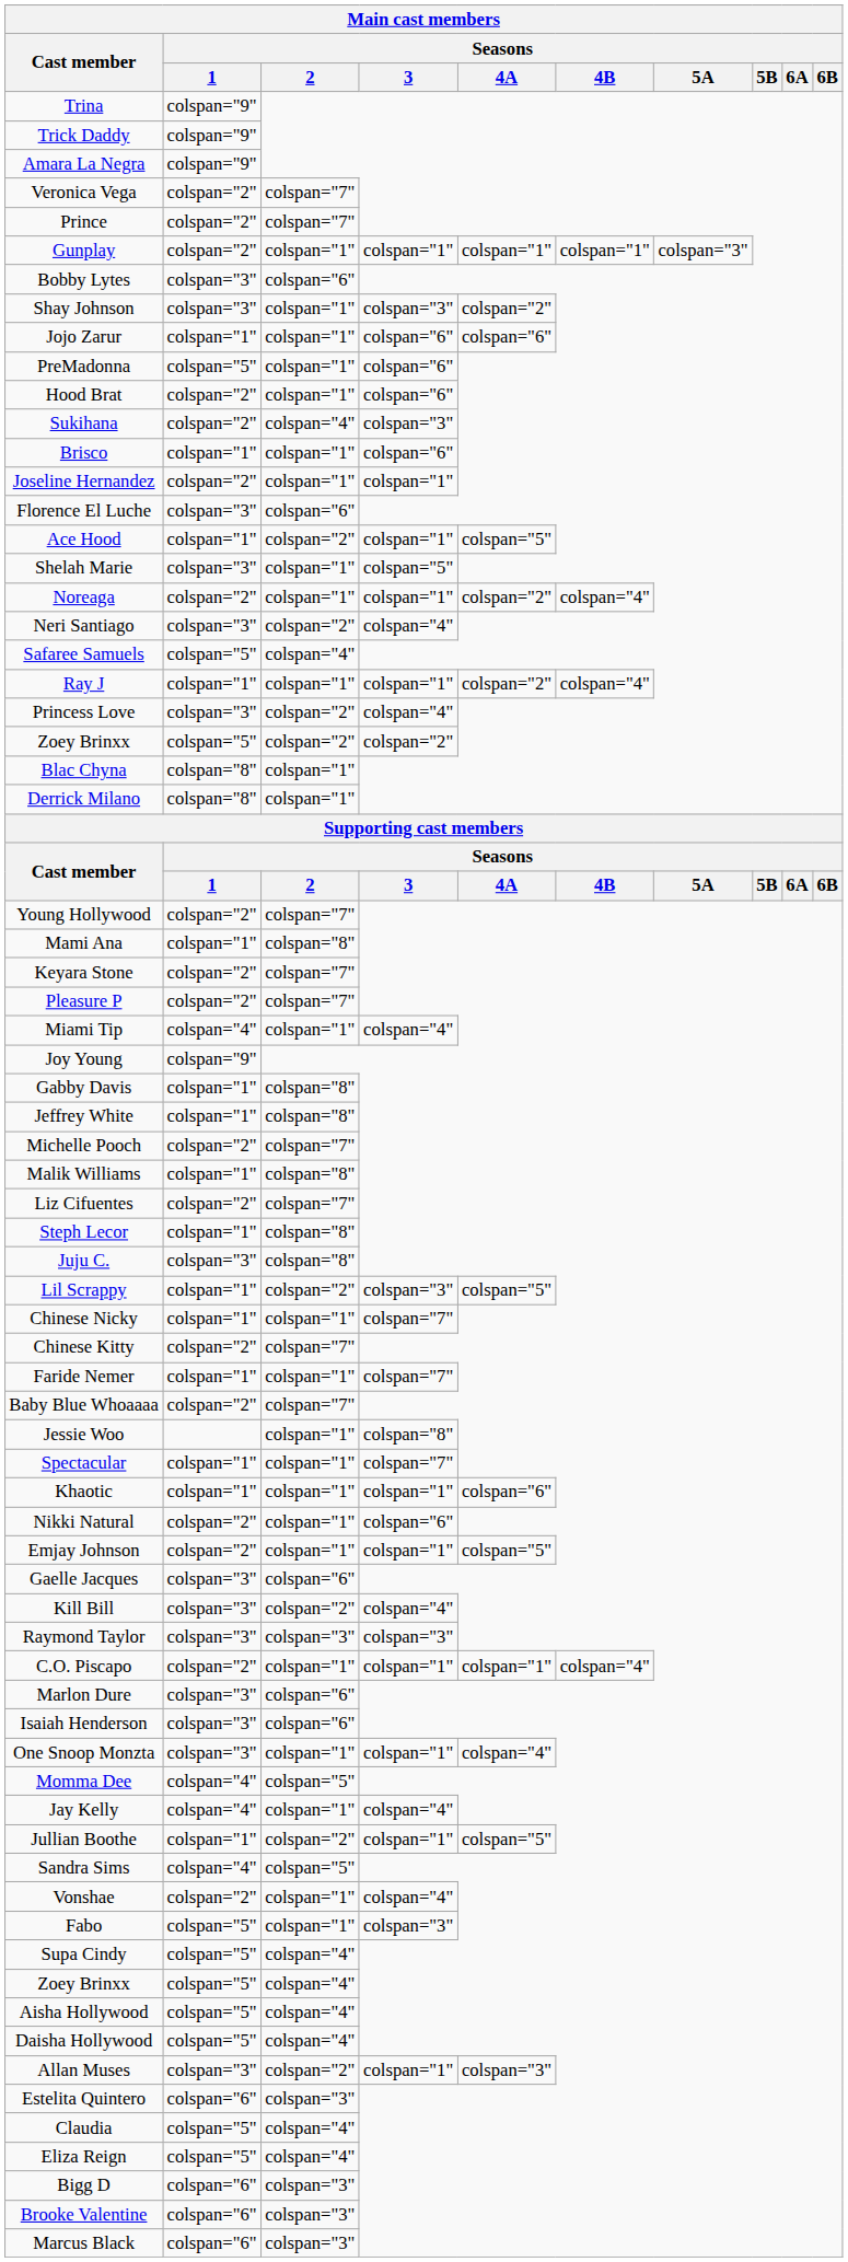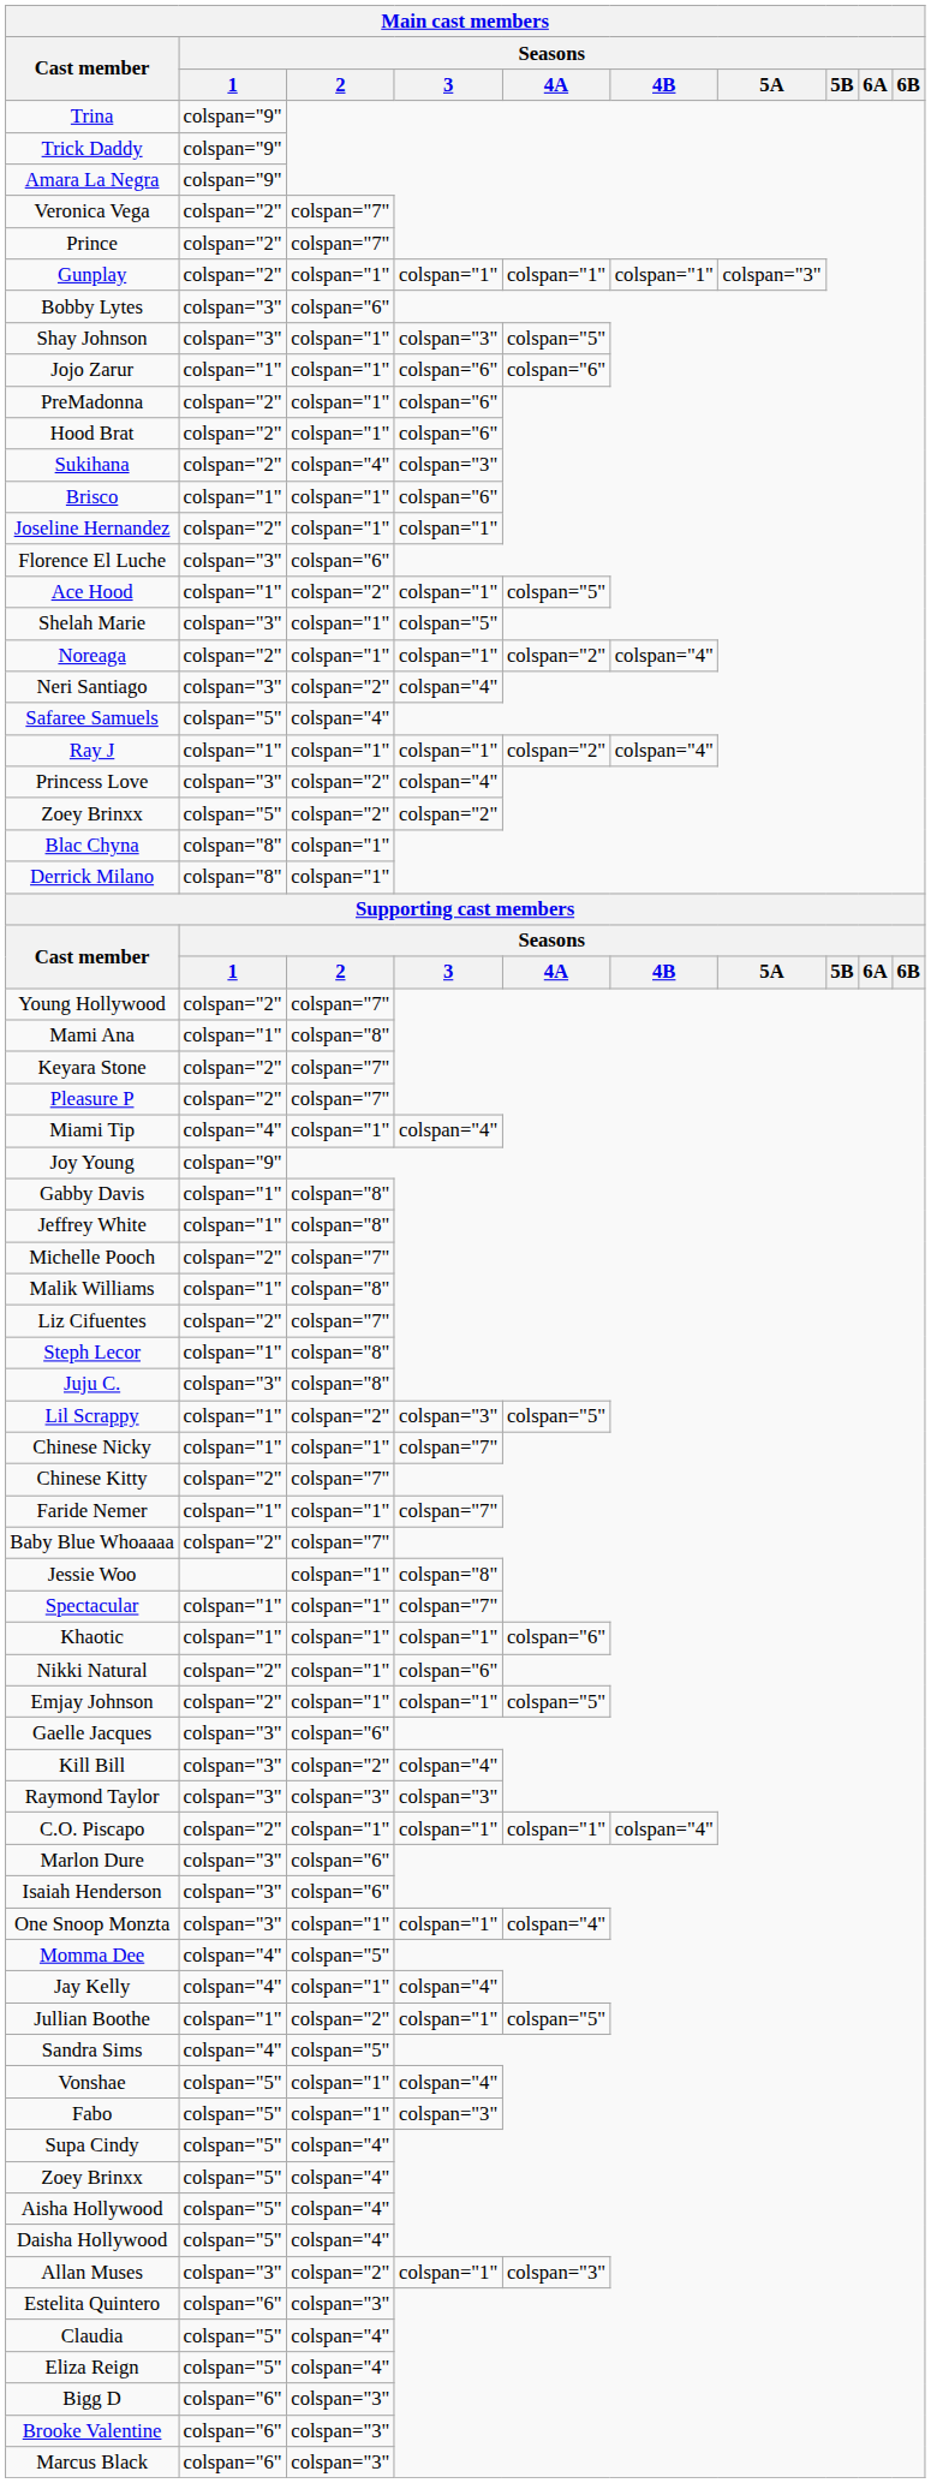 <table class="wikitable plainrowheaders" style="text-align:center;">
 <tr>
 <th colspan=10><a href='#'>Main cast members</a></th>
 </tr>
 <tr>
 <th scope="col" rowspan="2" style="text-align:center%">Cast member</th>
 <th scope="col" colspan="9">Seasons</th>
 </tr>
 <tr>
 <th scope="col"><a href='#'>1</a></th>
 <th scope="col"><a href='#'>2</a></th>
 <th scope="col"><a href='#'>3</a></th>
 <th scope="col"><a href='#'>4A</a></th>
 <th scope="col"><a href='#'>4B</a></th>
 <th scope="col">5A</th>
 <th scope="col">5B</th>
 <th scope="col">6A</th>
 <th scope="col">6B</th>
 </tr>
 <tr>
 <td scope="row"><a href='#'>Trina</a></td>
 <td>colspan="9" </td>
 </tr>
 <tr>
 <td scope="row"><a href='#'>Trick Daddy</a></td>
 <td>colspan="9" </td>
 </tr>
 <tr>
 <td scope="row"><a href='#'>Amara La Negra</a></td>
 <td>colspan="9" </td>
 </tr>
 <tr>
 <td scope="row">Veronica Vega</td>
 <td>colspan="2" </td>
 <td>colspan="7" </td>
 </tr>
 <tr>
 <td scope="row">Prince</td>
 <td>colspan="2" </td>
 <td>colspan="7" </td>
 </tr>
 <tr>
 <td scope="row"><a href='#'>Gunplay</a></td>
 <td>colspan="2" </td>
 <td>colspan="1" </td>
 <td>colspan="1" </td>
 <td>colspan="1" </td>
 <td>colspan="1" </td>
 <td>colspan="3" </td>
 </tr>
 <tr>
 <td scope="row">Bobby Lytes</td>
 <td>colspan="3" </td>
 <td>colspan="6" </td>
 </tr>
 <tr>
 <td scope="row">Shay Johnson</td>
 <td>colspan="3" </td>
 <td>colspan="1" </td>
 <td>colspan="3" </td>
-<td>colspan="2" </td>
+<td>colspan="5" </td>
 </tr>
 <tr>
 <td scope="row">Jojo Zarur</td>
 <td>colspan="1" </td>
 <td>colspan="1" </td>
 <td>colspan="6" </td>
 <td>colspan="6" </td>
 </tr>
 <tr>
 <td scope="row">PreMadonna</td>
-<td>colspan="5" </td>
+<td>colspan="2" </td>
 <td>colspan="1" </td>
 <td>colspan="6" </td>
 </tr>
 <tr>
 <td scope="row">Hood Brat</td>
 <td>colspan="2" </td>
 <td>colspan="1" </td>
 <td>colspan="6" </td>
 </tr>
 <tr>
 <td scope="row"><a href='#'>Sukihana</a></td>
 <td>colspan="2" </td>
 <td>colspan="4" </td>
 <td>colspan="3" </td>
 </tr>
 <tr>
 <td scope="row"><a href='#'>Brisco</a></td>
 <td>colspan="1" </td>
 <td>colspan="1" </td>
 <td>colspan="6" </td>
 </tr>
 <tr>
 <td scope="row"><a href='#'>Joseline Hernandez</a></td>
 <td>colspan="2" </td>
 <td>colspan="1" </td>
 <td>colspan="1" </td>
 </tr>
 <tr>
 <td scope="row">Florence El Luche</td>
 <td>colspan="3" </td>
 <td>colspan="6" </td>
 </tr>
 <tr>
 <td><a href='#'>Ace Hood</a></td>
 <td>colspan="1" </td>
 <td>colspan="2" </td>
 <td>colspan="1" </td>
 <td>colspan="5" </td>
 </tr>
 <tr>
 <td scope="row">Shelah Marie</td>
 <td>colspan="3" </td>
 <td>colspan="1" </td>
 <td>colspan="5" </td>
 </tr>
 <tr>
 <td scope="row"><a href='#'>Noreaga</a></td>
 <td>colspan="2" </td>
 <td>colspan="1" </td>
 <td>colspan="1" </td>
 <td>colspan="2" </td>
 <td>colspan="4" </td>
 </tr>
 <tr>
 <td scope="row">Neri Santiago</td>
 <td>colspan="3" </td>
 <td>colspan="2" </td>
 <td>colspan="4" </td>
 </tr>
 <tr>
 <td scope="row"><a href='#'>Safaree Samuels</a></td>
 <td>colspan="5" </td>
 <td>colspan="4" </td>
 </tr>
 <tr>
 <td scope="row"><a href='#'>Ray J</a></td>
 <td>colspan="1" </td>
 <td>colspan="1" </td>
 <td>colspan="1" </td>
 <td>colspan="2" </td>
 <td>colspan="4" </td>
 </tr>
 <tr>
 <td scope="row">Princess Love</td>
 <td>colspan="3" </td>
 <td>colspan="2" </td>
 <td>colspan="4" </td>
 </tr>
 <tr>
 <td scope="row">Zoey Brinxx</td>
 <td>colspan="5" </td>
 <td>colspan="2" </td>
 <td>colspan="2" </td>
 </tr>
 <tr>
 <td scope="row"><a href='#'>Blac Chyna</a></td>
 <td>colspan="8" </td>
 <td>colspan="1" </td>
 </tr>
 <tr>
 <td scope="row"><a href='#'>Derrick Milano</a></td>
 <td>colspan="8" </td>
 <td>colspan="1" </td>
 </tr>
 <tr>
 <th colspan=10><a href='#'>Supporting cast members</a></th>
 </tr>
 <tr>
 <th rowspan="2" scope="col">Cast member</th>
 <th scope="col" colspan="9">Seasons</th>
 </tr>
 <tr>
 <th scope="col"><a href='#'>1</a></th>
 <th scope="col"><a href='#'>2</a></th>
 <th scope="col"><a href='#'>3</a></th>
 <th scope="col"><a href='#'>4A</a></th>
 <th scope="col"><a href='#'>4B</a></th>
 <th scope="col">5A</th>
 <th scope="col">5B</th>
 <th scope="col">6A</th>
 <th scope="col">6B</th>
 </tr>
 <tr>
 <td scope="row">Young Hollywood</td>
 <td>colspan="2" </td>
 <td>colspan="7" </td>
 </tr>
 <tr>
 <td scope="row">Mami Ana</td>
 <td>colspan="1" </td>
 <td>colspan="8" </td>
 </tr>
 <tr>
 <td scope="row">Keyara Stone</td>
 <td>colspan="2" </td>
 <td>colspan="7" </td>
 </tr>
 <tr>
 <td scope="row"><a href='#'>Pleasure P</a></td>
 <td>colspan="2" </td>
 <td>colspan="7" </td>
 </tr>
 <tr>
 <td scope="row">Miami Tip</td>
 <td>colspan="4" </td>
 <td>colspan="1" </td>
 <td>colspan="4" </td>
 </tr>
 <tr>
 <td scope="row">Joy Young</td>
 <td>colspan="9" </td>
 </tr>
 <tr>
 <td scope="row">Gabby Davis</td>
 <td>colspan="1" </td>
 <td>colspan="8" </td>
 </tr>
 <tr>
 <td scope="row">Jeffrey White</td>
 <td>colspan="1" </td>
 <td>colspan="8" </td>
 </tr>
 <tr>
 <td scope="row">Michelle Pooch</td>
 <td>colspan="2" </td>
 <td>colspan="7" </td>
 </tr>
 <tr>
 <td scope="row">Malik Williams</td>
 <td>colspan="1" </td>
 <td>colspan="8" </td>
 </tr>
 <tr>
 <td scope="row">Liz Cifuentes</td>
 <td>colspan="2" </td>
 <td>colspan="7" </td>
 </tr>
 <tr>
 <td scope="row"><a href='#'>Steph Lecor</a></td>
 <td>colspan="1" </td>
 <td>colspan="8" </td>
 </tr>
 <tr>
 <td scope="row"><a href='#'>Juju C.</a></td>
 <td>colspan="3" </td>
 <td>colspan="8" </td>
 </tr>
 <tr>
 <td scope="row"><a href='#'>Lil Scrappy</a></td>
 <td>colspan="1" </td>
 <td>colspan="2" </td>
 <td>colspan="3" </td>
 <td>colspan="5" </td>
 </tr>
 <tr>
 <td scope="row">Chinese Nicky</td>
 <td>colspan="1" </td>
 <td>colspan="1" </td>
 <td>colspan="7" </td>
 </tr>
 <tr>
 <td scope="row">Chinese Kitty</td>
 <td>colspan="2" </td>
 <td>colspan="7" </td>
 </tr>
 <tr>
 <td scope="row">Faride Nemer</td>
 <td>colspan="1" </td>
 <td>colspan="1" </td>
 <td>colspan="7" </td>
 </tr>
 <tr>
 <td scope="row">Baby Blue Whoaaaa</td>
 <td>colspan="2" </td>
 <td>colspan="7" </td>
 </tr>
 <tr>
 <td scope="row">Jessie Woo</td>
 <td></td>
 <td>colspan="1" </td>
 <td>colspan="8" </td>
 </tr>
 <tr>
 <td scope="row"><a href='#'>Spectacular</a></td>
 <td>colspan="1" </td>
 <td>colspan="1" </td>
 <td>colspan="7" </td>
 </tr>
 <tr>
 <td scope="row">Khaotic</td>
 <td>colspan="1" </td>
 <td>colspan="1" </td>
 <td>colspan="1" </td>
 <td>colspan="6" </td>
 </tr>
 <tr>
 <td scope="row">Nikki Natural</td>
 <td>colspan="2" </td>
 <td>colspan="1" </td>
 <td>colspan="6" </td>
 </tr>
 <tr>
 <td scope="row">Emjay Johnson</td>
 <td>colspan="2" </td>
 <td>colspan="1" </td>
 <td>colspan="1" </td>
 <td>colspan="5" </td>
 </tr>
 <tr>
 <td scope="row">Gaelle Jacques</td>
 <td>colspan="3" </td>
 <td>colspan="6" </td>
 </tr>
 <tr>
 <td scope="row">Kill Bill</td>
 <td>colspan="3" </td>
 <td>colspan="2" </td>
 <td>colspan="4" </td>
 </tr>
 <tr>
 <td scope="row">Raymond Taylor</td>
 <td>colspan="3" </td>
 <td>colspan="3" </td>
 <td>colspan="3" </td>
 </tr>
 <tr>
 <td scope="row">C.O. Piscapo</td>
 <td>colspan="2" </td>
 <td>colspan="1" </td>
 <td>colspan="1" </td>
 <td>colspan="1" </td>
 <td>colspan="4" </td>
 </tr>
 <tr>
 <td scope="row">Marlon Dure</td>
 <td>colspan="3" </td>
 <td>colspan="6" </td>
 </tr>
 <tr>
 <td scope="row">Isaiah Henderson</td>
 <td>colspan="3" </td>
 <td>colspan="6" </td>
 </tr>
 <tr>
 <td scope="row">One Snoop Monzta</td>
 <td>colspan="3" </td>
 <td>colspan="1" </td>
 <td>colspan="1" </td>
 <td>colspan="4" </td>
 </tr>
 <tr>
 <td scope="row"><a href='#'>Momma Dee</a></td>
 <td>colspan="4" </td>
 <td>colspan="5" </td>
 </tr>
 <tr>
 <td scope="row">Jay Kelly</td>
 <td>colspan="4" </td>
 <td>colspan="1" </td>
 <td>colspan="4" </td>
 </tr>
 <tr>
 <td scope="row">Jullian Boothe</td>
 <td>colspan="1" </td>
 <td>colspan="2" </td>
 <td>colspan="1" </td>
 <td>colspan="5" </td>
 </tr>
 <tr>
 <td scope="row">Sandra Sims</td>
 <td>colspan="4" </td>
 <td>colspan="5" </td>
 </tr>
 <tr>
 <td scope="row">Vonshae</td>
-<td>colspan="2" </td>
+<td>colspan="5" </td>
 <td>colspan="1" </td>
 <td>colspan="4" </td>
 </tr>
 <tr>
 <td scope="row">Fabo</td>
 <td>colspan="5" </td>
 <td>colspan="1" </td>
 <td>colspan="3" </td>
 </tr>
 <tr>
 <td scope="row">Supa Cindy</td>
 <td>colspan="5" </td>
 <td>colspan="4" </td>
 </tr>
 <tr>
 <td scope="row">Zoey Brinxx</td>
 <td>colspan="5" </td>
 <td>colspan="4" </td>
 </tr>
 <tr>
 <td scope="row">Aisha Hollywood</td>
 <td>colspan="5" </td>
 <td>colspan="4" </td>
 </tr>
 <tr>
 <td scope="row">Daisha Hollywood</td>
 <td>colspan="5" </td>
 <td>colspan="4" </td>
 </tr>
 <tr>
 <td scope="row">Allan Muses</td>
 <td>colspan="3" </td>
 <td>colspan="2" </td>
 <td>colspan="1" </td>
 <td>colspan="3" </td>
 </tr>
 <tr>
 <td scope="row">Estelita Quintero</td>
 <td>colspan="6" </td>
 <td>colspan="3" </td>
 </tr>
 <tr>
 <td scope="row">Claudia</td>
 <td>colspan="5" </td>
 <td>colspan="4" </td>
 </tr>
 <tr>
 <td scope="row">Eliza Reign</td>
 <td>colspan="5" </td>
 <td>colspan="4" </td>
 </tr>
 <tr>
 <td scope="row">Bigg D</td>
 <td>colspan="6" </td>
 <td>colspan="3" </td>
 </tr>
 <tr>
 <td scope="row"><a href='#'>Brooke Valentine</a></td>
 <td>colspan="6" </td>
 <td>colspan="3" </td>
 </tr>
 <tr>
 <td scope="row">Marcus Black</td>
 <td>colspan="6" </td>
 <td>colspan="3" </td>
 </tr>
 </table>
